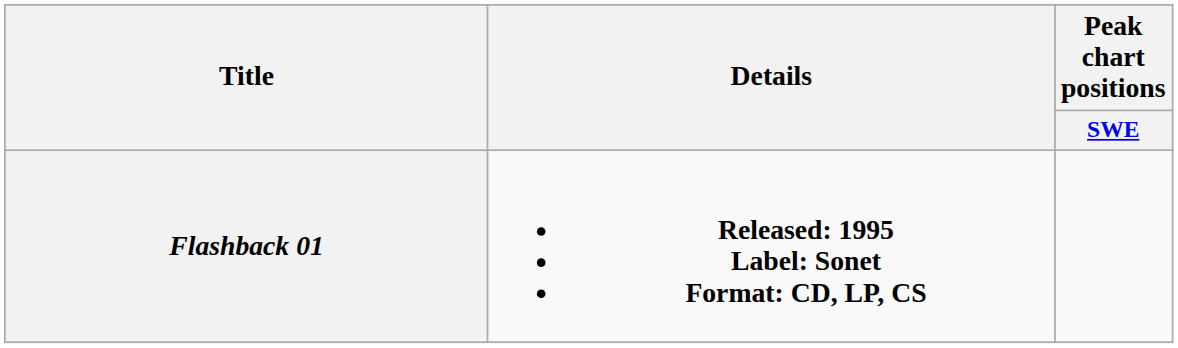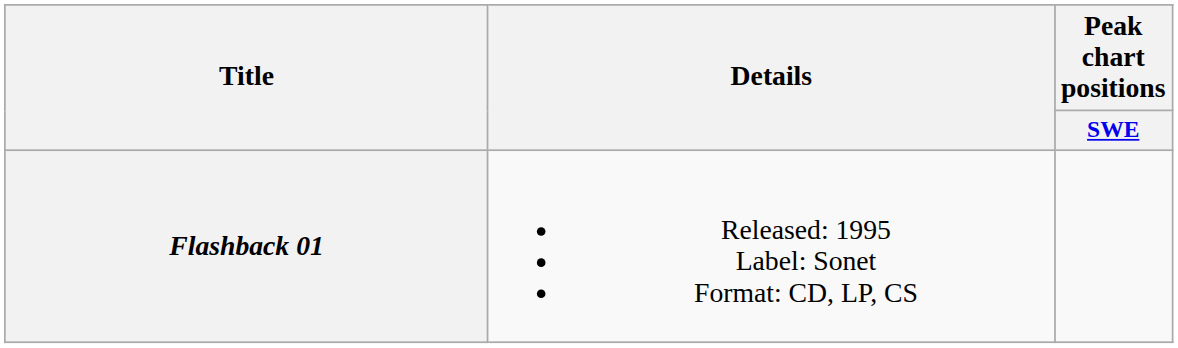 <table class="wikitable plainrowheaders" style="text-align:center;">
 <tr>
 <th scope="col" rowspan="2" style="width:17em;">Title</th>
 <th scope="col" rowspan="2" style="width:20em;">Details</th>
 <th scope="col" colspan="1">Peak chart positions</th>
 </tr>
 <tr>
 <th scope="col" style="width:3em; font-size:85%;"><a href='#'>SWE</a><br></th>
 </tr>
 <tr>
 <th scope="row"><em>Flashback 01</em></th>
-<td><strong><br><ul><li>Released: 1995</li><li>Label: Sonet</li><li>Format: CD, LP, CS</li></ul></strong></td>
+<td><br><ul><li>Released: 1995</li><li>Label: Sonet</li><li>Format: CD, LP, CS</li></ul></td>
 <td></td>
 </tr>
 </table>
